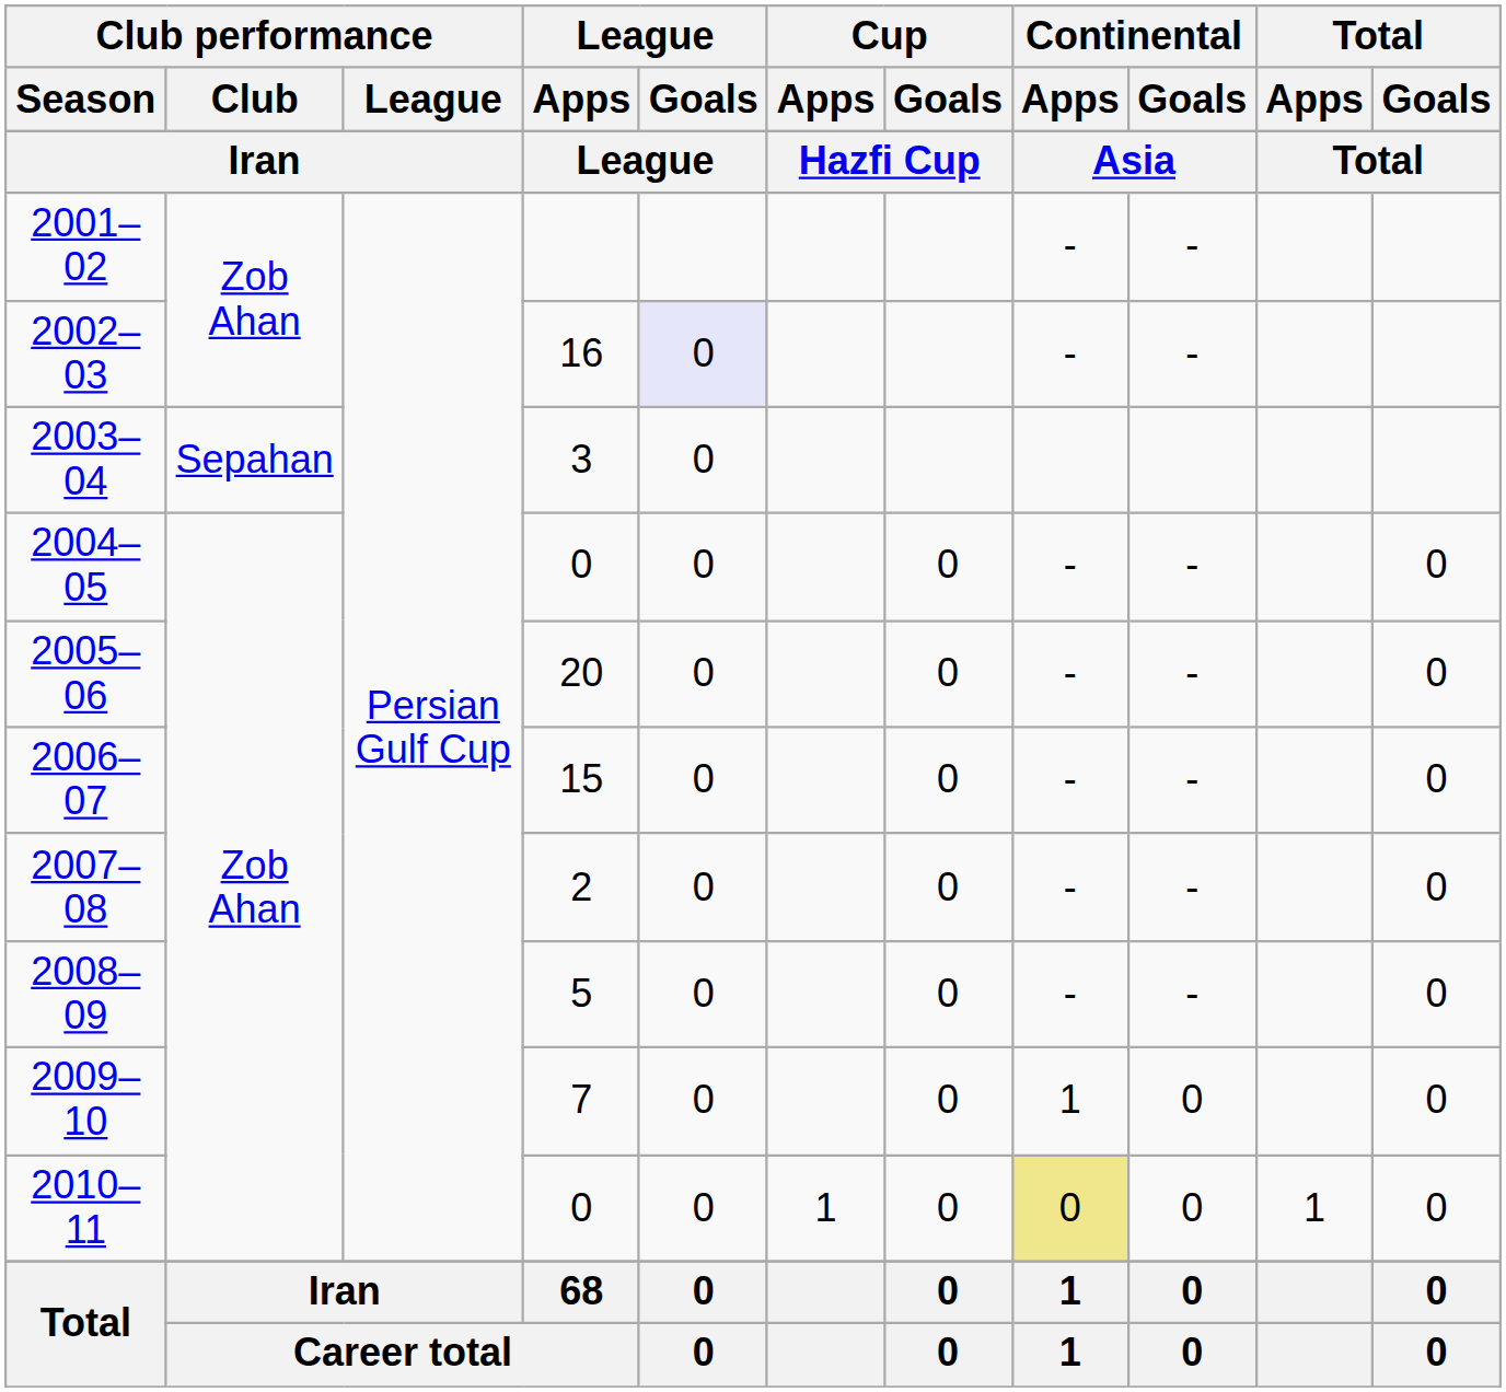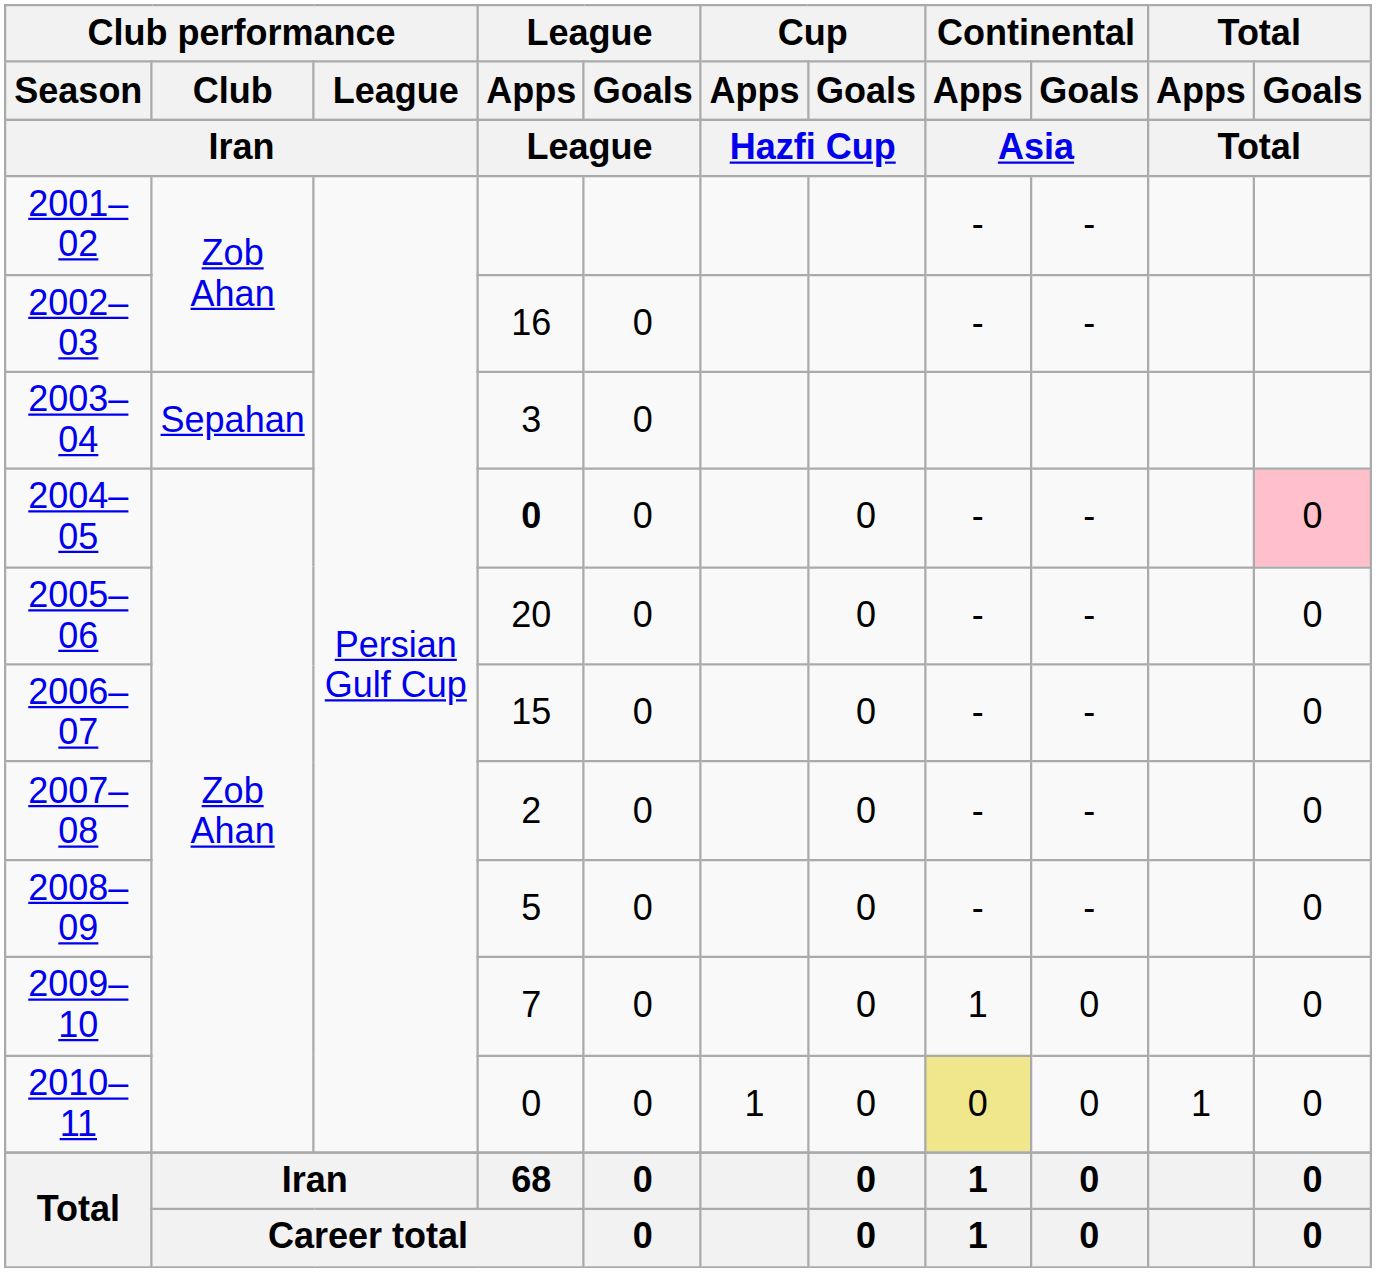 <table class="wikitable" style="text-align:center">
 <tr>
 <th colspan=3>Club performance</th>
 <th colspan=2>League</th>
 <th colspan=2>Cup</th>
 <th colspan=2>Continental</th>
 <th colspan=2>Total</th>
 </tr>
 <tr>
 <th>Season</th>
 <th>Club</th>
 <th>League</th>
 <th>Apps</th>
 <th>Goals</th>
 <th>Apps</th>
 <th>Goals</th>
 <th>Apps</th>
 <th>Goals</th>
 <th>Apps</th>
 <th>Goals</th>
 </tr>
 <tr>
 </tr>
 <tr>
 <th colspan=3>Iran</th>
 <th colspan=2>League</th>
 <th colspan=2><a href='#'>Hazfi Cup</a></th>
 <th colspan=2><a href='#'>Asia</a></th>
 <th colspan=2>Total</th>
 </tr>
 <tr>
 <td><a href='#'>2001–02</a></td>
 <td rowspan="2"><a href='#'>Zob Ahan</a></td>
 <td rowspan="10"><a href='#'>Persian Gulf Cup</a></td>
 <td></td>
 <td></td>
 <td></td>
 <td></td>
 <td>-</td>
 <td>-</td>
 <td></td>
 <td></td>
 </tr>
 <tr>
 <td><a href='#'>2002–03</a></td>
 <td>16</td>
-<td style="background: lavender;">0</td>
+<td>0</td>
 <td></td>
 <td></td>
 <td>-</td>
 <td>-</td>
 <td></td>
 <td></td>
 </tr>
 <tr>
 <td><a href='#'>2003–04</a></td>
 <td><a href='#'>Sepahan</a></td>
 <td>3</td>
 <td>0</td>
 <td></td>
 <td></td>
 <td></td>
 <td></td>
 <td></td>
 <td></td>
 </tr>
 <tr>
 <td><a href='#'>2004–05</a></td>
 <td rowspan="7"><a href='#'>Zob Ahan</a></td>
-<td>0</td>
+<td><strong>0</strong></td>
 <td>0</td>
 <td></td>
 <td>0</td>
 <td>-</td>
 <td>-</td>
 <td></td>
-<td>0</td>
+<td style="background: pink;">0</td>
 </tr>
 <tr>
 <td><a href='#'>2005–06</a></td>
 <td>20</td>
 <td>0</td>
 <td></td>
 <td>0</td>
 <td>-</td>
 <td>-</td>
 <td></td>
 <td>0</td>
 </tr>
 <tr>
 <td><a href='#'>2006–07</a></td>
 <td>15</td>
 <td>0</td>
 <td></td>
 <td>0</td>
 <td>-</td>
 <td>-</td>
 <td></td>
 <td>0</td>
 </tr>
 <tr>
 <td><a href='#'>2007–08</a></td>
 <td>2</td>
 <td>0</td>
 <td></td>
 <td>0</td>
 <td>-</td>
 <td>-</td>
 <td></td>
 <td>0</td>
 </tr>
 <tr>
 <td><a href='#'>2008–09</a></td>
 <td>5</td>
 <td>0</td>
 <td></td>
 <td>0</td>
 <td>-</td>
 <td>-</td>
 <td></td>
 <td>0</td>
 </tr>
 <tr>
 <td><a href='#'>2009–10</a></td>
 <td>7</td>
 <td>0</td>
 <td></td>
 <td>0</td>
 <td>1</td>
 <td>0</td>
 <td></td>
 <td>0</td>
 </tr>
 <tr>
 <td><a href='#'>2010–11</a></td>
 <td>0</td>
 <td>0</td>
 <td>1</td>
 <td>0</td>
 <td style="background: khaki;">0</td>
 <td>0</td>
 <td>1</td>
 <td>0</td>
 </tr>
 <tr>
 </tr>
 <tr>
 <th rowspan=4>Total</th>
 <th colspan=2>Iran</th>
 <th>68</th>
 <th>0</th>
 <th></th>
 <th>0</th>
 <th>1</th>
 <th>0</th>
 <th></th>
 <th>0</th>
 </tr>
 <tr>
 <th colspan=3>Career total</th>
 <th>0</th>
 <th></th>
 <th>0</th>
 <th>1</th>
 <th>0</th>
 <th></th>
 <th>0</th>
 </tr>
 </table>
